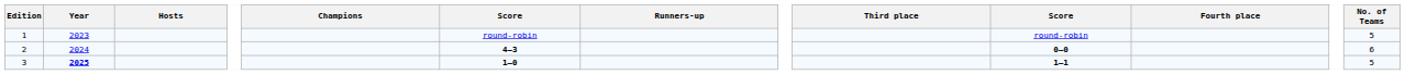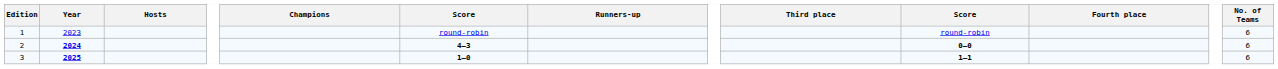 <table class="wikitable" style="text-align:center;width:100%; font-size:90%;">
 <tr>
 <th width=2%>Edition</th>
 <th width=5%>Year</th>
 <th width=8%>Hosts</th>
 <td rowspan="5" style="width:1%;background:#fff;border-top-style:hidden;border-bottom-style:hidden;"></td>
 <th style="width:14%;">Champions</th>
 <th width=10%>Score</th>
 <th style="width:14%;">Runners-up</th>
 <td rowspan="5" style="width:1%;background:#fff;border-top-style:hidden;border-bottom-style:hidden;"></td>
 <th style="width:14%;">Third place</th>
 <th width=10%>Score</th>
 <th style="width:14%;">Fourth place</th>
 <td rowspan="5" style="width:1%;background:#fff;border-top-style:hidden;border-bottom-style:hidden;"></td>
 <th width=4%>No. of Teams</th>
 </tr>
 <tr bgcolor=#F5FAFF>
 <td>1</td>
 <td><a href='#'>2023</a></td>
 <td align="left"></td>
 <td><strong></strong></td>
 <td><a href='#'>round-robin</a></td>
 <td></td>
 <td></td>
 <td><a href='#'>round-robin</a></td>
 <td></td>
-<td>5</td>
+<td>6</td>
 </tr>
 <tr bgcolor=#F4FAFF>
 <td>2</td>
-<td><a href='#'>2024</a></td>
+<td><strong><a href='#'>2024</a></strong></td>
 <td align="left"></td>
 <td><strong></strong></td>
 <td><strong>4–3</strong> </td>
 <td></td>
 <td></td>
 <td><strong>0–0</strong><br></td>
 <td></td>
 <td>6</td>
 </tr>
 <tr bgcolor=#F4FAFF>
 <td>3</td>
 <td><strong><a href='#'>2025</a></strong></td>
 <td align="left"></td>
 <td><strong></strong></td>
 <td><strong>1–0</strong></td>
 <td></td>
 <td></td>
 <td><strong>1–1</strong><br></td>
 <td></td>
-<td>5</td>
+<td>6</td>
 </tr>
 </table>
